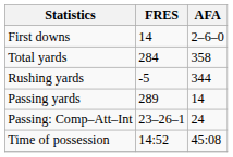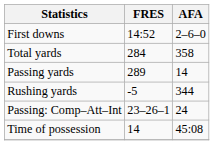 <table class="wikitable" style="float: left;">
 <tr>
 <th>Statistics</th>
 <th>FRES</th>
 <th>AFA</th>
 </tr>
 <tr>
 <td>First downs</td>
-<td>14</td>
+<td>14:52</td>
 <td>2–6–0</td>
 </tr>
 <tr>
 <td>Total yards</td>
 <td>284</td>
 <td>358</td>
 </tr>
 <tr>
+<td>Passing yards</td>
+<td>289</td>
+<td>14</td>
+</tr>
+<tr>
 <td>Rushing yards</td>
 <td>-5</td>
 <td>344</td>
-</tr>
-<tr>
-<td>Passing yards</td>
-<td>289</td>
-<td>14</td>
 </tr>
 <tr>
 <td>Passing: Comp–Att–Int</td>
 <td>23–26–1</td>
 <td>24</td>
 </tr>
 <tr>
 <td>Time of possession</td>
-<td>14:52</td>
+<td>14</td>
 <td>45:08</td>
 </tr>
 <tr>
 </tr>
 </table>
